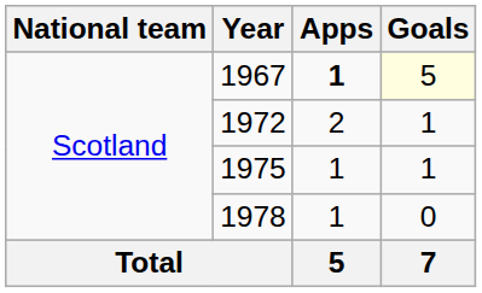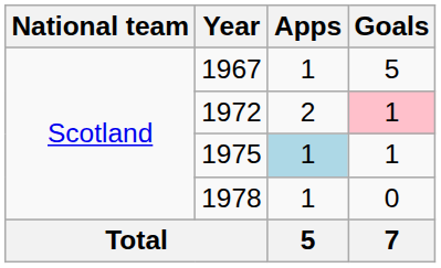 <table class=wikitable style="text-align:center">
 <tr>
 <th>National team</th>
 <th>Year</th>
 <th>Apps</th>
 <th>Goals</th>
 </tr>
 <tr>
 <td rowspan="4"><a href='#'>Scotland</a></td>
 <td>1967</td>
-<td><strong>1</strong></td>
-<td style="background: lightyellow;">5</td>
+<td>1</td>
+<td>5</td>
 </tr>
 <tr>
 <td>1972</td>
 <td>2</td>
-<td>1</td>
+<td style="background: pink;">1</td>
 </tr>
 <tr>
 <td>1975</td>
-<td>1</td>
+<td style="background: lightblue;">1</td>
 <td>1</td>
 </tr>
 <tr>
 <td>1978</td>
 <td>1</td>
 <td>0</td>
 </tr>
 <tr>
 <th colspan="2">Total</th>
 <th>5</th>
 <th>7</th>
 </tr>
 </table>
